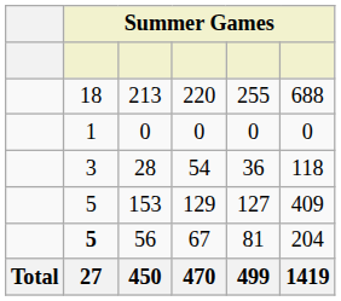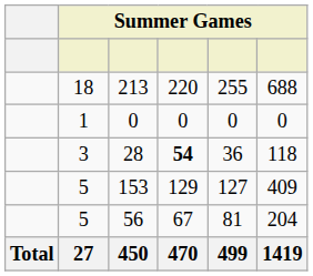 <table class="wikitable sortable" style="margin-top:0; text-align:center; font-size:90%;">
 <tr>
 <th></th>
 <th align="center" style="background-color:#f2f2ce;" colspan="5" ;>Summer Games</th>
 </tr>
 <tr>
 <th></th>
 <th style="background-color:#f2f2ce; width:2em;"><br></th>
 <th style="background-color:#f2f2ce; width:2em;"><br></th>
 <th style="background-color:#f2f2ce; width:2em;"><br></th>
 <th style="background-color:#f2f2ce; width:2em;"><br></th>
 <th style="background-color:#f2f2ce; width:2em;"><br></th>
 </tr>
 <tr>
 <td align=left>  </td>
 <td>18</td>
 <td>213</td>
 <td>220</td>
 <td>255</td>
 <td>688</td>
 </tr>
 <tr>
 <td align=left></td>
 <td>1</td>
 <td>0</td>
 <td>0</td>
 <td>0</td>
 <td>0</td>
 </tr>
 <tr>
 <td align=left></td>
 <td>3</td>
 <td>28</td>
-<td>54</td>
+<td><strong>54</strong></td>
 <td>36</td>
 <td>118</td>
 </tr>
 <tr>
 <td align=left></td>
 <td>5</td>
 <td>153</td>
 <td>129</td>
 <td>127</td>
 <td>409</td>
 </tr>
 <tr>
 <td align=left></td>
-<td><strong>5</strong></td>
+<td>5</td>
 <td>56</td>
 <td>67</td>
 <td>81</td>
 <td>204</td>
 </tr>
 <tr>
 <th style="text-align: center;">Total</th>
 <th>27</th>
 <th>450</th>
 <th>470</th>
 <th>499</th>
 <th>1419</th>
 </tr>
 </table>
